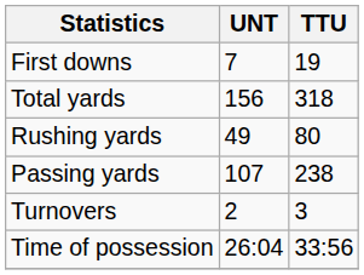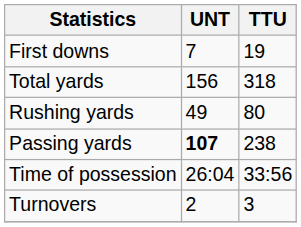 <table class="wikitable">
 <tr>
 <th>Statistics</th>
 <th>UNT</th>
 <th>TTU</th>
 </tr>
 <tr>
 <td>First downs</td>
 <td>7</td>
 <td>19</td>
 </tr>
 <tr>
 <td>Total yards</td>
 <td>156</td>
 <td>318</td>
 </tr>
 <tr>
 <td>Rushing yards</td>
 <td>49</td>
 <td>80</td>
 </tr>
 <tr>
 <td>Passing yards</td>
-<td>107</td>
+<td><strong>107</strong></td>
 <td>238</td>
+</tr>
+<tr>
+<td>Time of possession</td>
+<td>26:04</td>
+<td>33:56</td>
 </tr>
 <tr>
 <td>Turnovers</td>
 <td>2</td>
 <td>3</td>
 </tr>
 <tr>
-<td>Time of possession</td>
-<td>26:04</td>
-<td>33:56</td>
-</tr>
-<tr>
 </tr>
 </table>
